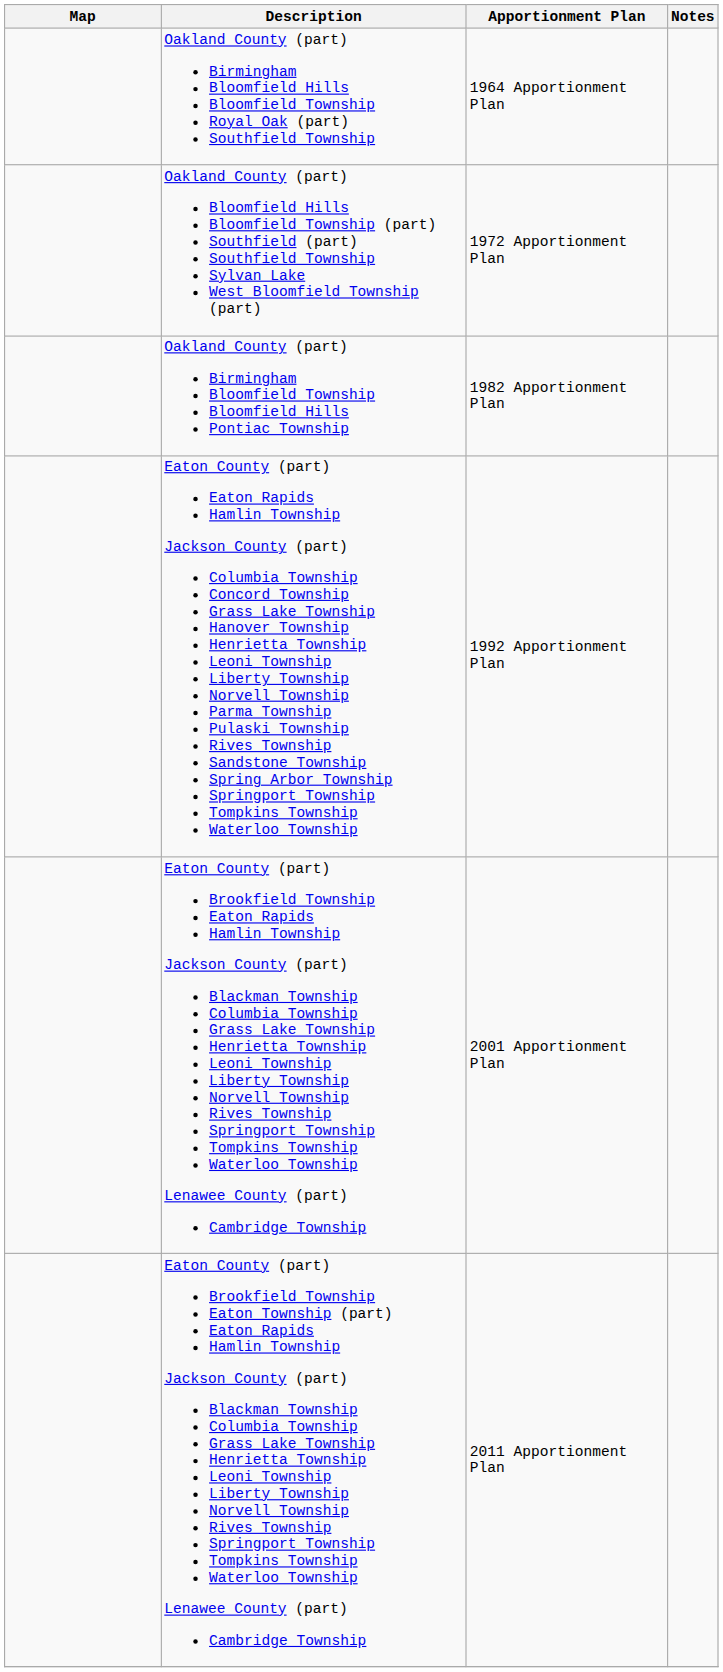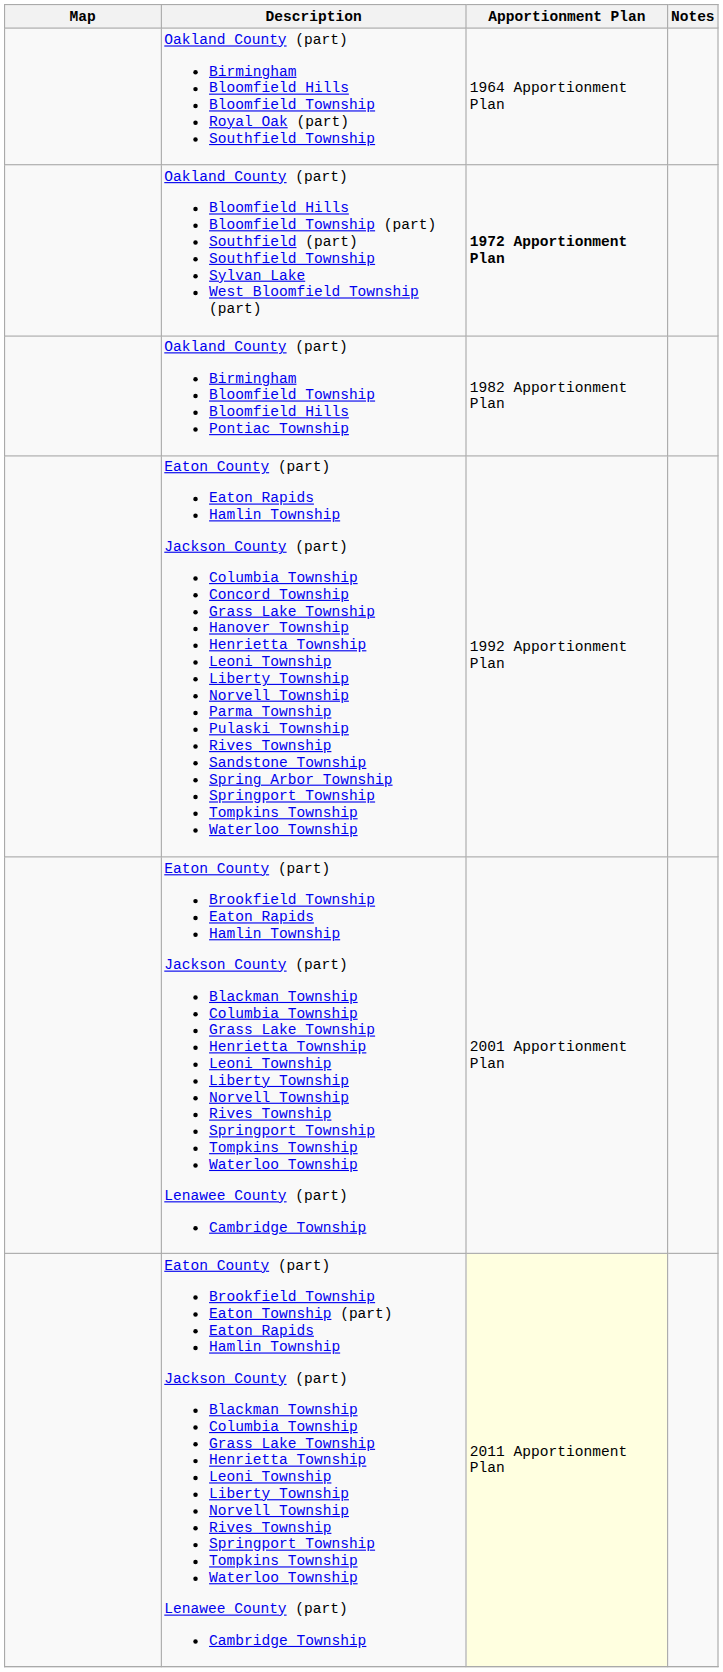 <table class="wikitable sortable">
 <tr>
 <th style="width:100pt;">Map</th>
 <th style="width:200pt;">Description</th>
 <th style="width:130pt;">Apportionment Plan</th>
 <th style="width:15pt;">Notes</th>
 </tr>
 <tr>
 <td></td>
 <td><a href='#'>Oakland County</a> (part)<br><ul><li><a href='#'>Birmingham</a></li><li><a href='#'>Bloomfield Hills</a></li><li><a href='#'>Bloomfield Township</a></li><li><a href='#'>Royal Oak</a> (part)</li><li><a href='#'>Southfield Township</a></li></ul></td>
 <td>1964 Apportionment Plan</td>
 <td></td>
 </tr>
 <tr>
 <td></td>
 <td><a href='#'>Oakland County</a> (part)<br><ul><li><a href='#'>Bloomfield Hills</a></li><li><a href='#'>Bloomfield Township</a> (part)</li><li><a href='#'>Southfield</a> (part)</li><li><a href='#'>Southfield Township</a></li><li><a href='#'>Sylvan Lake</a></li><li><a href='#'>West Bloomfield Township</a> (part)</li></ul></td>
-<td>1972 Apportionment Plan</td>
+<td><strong>1972 Apportionment Plan</strong></td>
 <td></td>
 </tr>
 <tr>
 <td></td>
 <td><a href='#'>Oakland County</a> (part)<br><ul><li><a href='#'>Birmingham</a></li><li><a href='#'>Bloomfield Township</a></li><li><a href='#'>Bloomfield Hills</a></li><li><a href='#'>Pontiac Township</a></li></ul></td>
 <td>1982 Apportionment Plan</td>
 <td></td>
 </tr>
 <tr>
 <td></td>
 <td><a href='#'>Eaton County</a> (part)<br><ul><li><a href='#'>Eaton Rapids</a></li><li><a href='#'>Hamlin Township</a></li></ul><a href='#'>Jackson County</a> (part)<ul><li><a href='#'>Columbia Township</a></li><li><a href='#'>Concord Township</a></li><li><a href='#'>Grass Lake Township</a></li><li><a href='#'>Hanover Township</a></li><li><a href='#'>Henrietta Township</a></li><li><a href='#'>Leoni Township</a></li><li><a href='#'>Liberty Township</a></li><li><a href='#'>Norvell Township</a></li><li><a href='#'>Parma Township</a></li><li><a href='#'>Pulaski Township</a></li><li><a href='#'>Rives Township</a></li><li><a href='#'>Sandstone Township</a></li><li><a href='#'>Spring Arbor Township</a></li><li><a href='#'>Springport Township</a></li><li><a href='#'>Tompkins Township</a></li><li><a href='#'>Waterloo Township</a></li></ul></td>
 <td>1992 Apportionment Plan</td>
 <td></td>
 </tr>
 <tr>
 <td></td>
 <td><a href='#'>Eaton County</a> (part)<br><ul><li><a href='#'>Brookfield Township</a></li><li><a href='#'>Eaton Rapids</a></li><li><a href='#'>Hamlin Township</a></li></ul><a href='#'>Jackson County</a> (part)<ul><li><a href='#'>Blackman Township</a></li><li><a href='#'>Columbia Township</a></li><li><a href='#'>Grass Lake Township</a></li><li><a href='#'>Henrietta Township</a></li><li><a href='#'>Leoni Township</a></li><li><a href='#'>Liberty Township</a></li><li><a href='#'>Norvell Township</a></li><li><a href='#'>Rives Township</a></li><li><a href='#'>Springport Township</a></li><li><a href='#'>Tompkins Township</a></li><li><a href='#'>Waterloo Township</a></li></ul><a href='#'>Lenawee County</a> (part)<ul><li><a href='#'>Cambridge Township</a></li></ul></td>
 <td>2001 Apportionment Plan</td>
 <td></td>
 </tr>
 <tr>
 <td></td>
 <td><a href='#'>Eaton County</a> (part)<br><ul><li><a href='#'>Brookfield Township</a></li><li><a href='#'>Eaton Township</a> (part)</li><li><a href='#'>Eaton Rapids</a></li><li><a href='#'>Hamlin Township</a></li></ul><a href='#'>Jackson County</a> (part)<ul><li><a href='#'>Blackman Township</a></li><li><a href='#'>Columbia Township</a></li><li><a href='#'>Grass Lake Township</a></li><li><a href='#'>Henrietta Township</a></li><li><a href='#'>Leoni Township</a></li><li><a href='#'>Liberty Township</a></li><li><a href='#'>Norvell Township</a></li><li><a href='#'>Rives Township</a></li><li><a href='#'>Springport Township</a></li><li><a href='#'>Tompkins Township</a></li><li><a href='#'>Waterloo Township</a></li></ul><a href='#'>Lenawee County</a> (part)<ul><li><a href='#'>Cambridge Township</a></li></ul></td>
-<td>2011 Apportionment Plan</td>
+<td style="background: lightyellow;">2011 Apportionment Plan</td>
 <td></td>
 </tr>
 <tr>
 </tr>
 </table>
